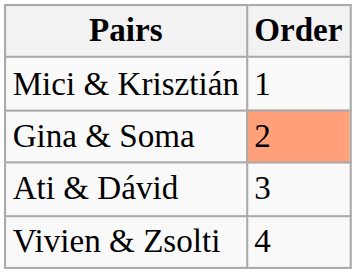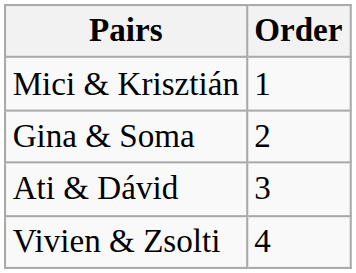 <table class="wikitable">
 <tr>
 <th>Pairs</th>
 <th>Order</th>
 </tr>
 <tr>
 <td>Mici & Krisztián</td>
 <td>1</td>
 </tr>
 <tr>
 <td>Gina & Soma</td>
-<td style="background: lightsalmon;">2</td>
+<td>2</td>
 </tr>
 <tr>
 <td>Ati & Dávid</td>
 <td>3</td>
 </tr>
 <tr>
 <td>Vivien & Zsolti</td>
 <td>4</td>
 </tr>
 </table>
